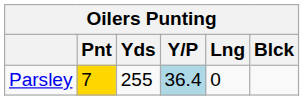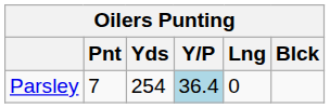 <table class="wikitable">
 <tr>
 <th colspan="6">Oilers Punting</th>
 </tr>
 <tr>
 <th></th>
 <th>Pnt</th>
 <th>Yds</th>
 <th>Y/P</th>
 <th>Lng</th>
 <th>Blck</th>
 </tr>
 <tr>
 <td><a href='#'>Parsley</a></td>
-<td style="background: gold;">7</td>
-<td>255</td>
+<td>7</td>
+<td>254</td>
 <td style="background: lightblue;">36.4</td>
 <td>0</td>
 <td></td>
 </tr>
 </table>
